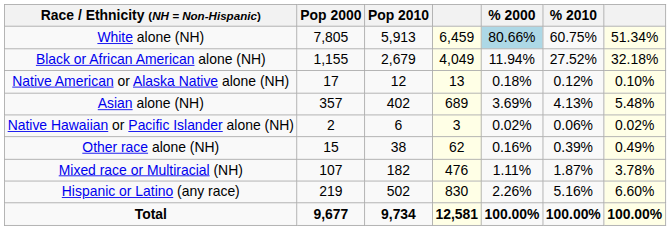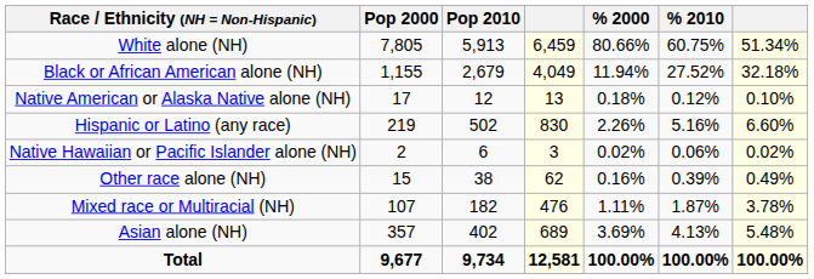 <table class="wikitable" style="text-align:center;">
 <tr>
 <th>Race / Ethnicity <small>(<em>NH = Non-Hispanic</em>)</small></th>
 <th>Pop 2000</th>
 <th>Pop 2010</th>
 <th></th>
 <th>% 2000</th>
 <th>% 2010</th>
 <th></th>
 </tr>
 <tr>
 <td><a href='#'>White</a> alone (NH)</td>
 <td>7,805</td>
 <td>5,913</td>
 <td style='background: #ffffe6;'>6,459</td>
-<td style="background: lightblue;">80.66%</td>
+<td>80.66%</td>
 <td>60.75%</td>
 <td style='background: #ffffe6;'>51.34%</td>
 </tr>
 <tr>
 <td><a href='#'>Black or African American</a> alone (NH)</td>
 <td>1,155</td>
 <td>2,679</td>
 <td style='background: #ffffe6;'>4,049</td>
 <td>11.94%</td>
 <td>27.52%</td>
 <td style='background: #ffffe6;'>32.18%</td>
 </tr>
 <tr>
 <td><a href='#'>Native American</a> or <a href='#'>Alaska Native</a> alone (NH)</td>
 <td>17</td>
 <td>12</td>
 <td style='background: #ffffe6;'>13</td>
 <td>0.18%</td>
 <td>0.12%</td>
 <td style='background: #ffffe6;'>0.10%</td>
 </tr>
 <tr>
-<td><a href='#'>Asian</a> alone (NH)</td>
-<td>357</td>
-<td>402</td>
-<td style='background: #ffffe6;'>689</td>
-<td>3.69%</td>
-<td>4.13%</td>
-<td style='background: #ffffe6;'>5.48%</td>
+<td><a href='#'>Hispanic or Latino</a> (any race)</td>
+<td>219</td>
+<td>502</td>
+<td style='background: #ffffe6;'>830</td>
+<td>2.26%</td>
+<td>5.16%</td>
+<td style='background: #ffffe6;'>6.60%</td>
 </tr>
 <tr>
 <td><a href='#'>Native Hawaiian</a> or <a href='#'>Pacific Islander</a> alone (NH)</td>
 <td>2</td>
 <td>6</td>
 <td style='background: #ffffe6;'>3</td>
 <td>0.02%</td>
 <td>0.06%</td>
 <td style='background: #ffffe6;'>0.02%</td>
 </tr>
 <tr>
 <td><a href='#'>Other race</a> alone (NH)</td>
 <td>15</td>
 <td>38</td>
 <td style='background: #ffffe6;'>62</td>
 <td>0.16%</td>
 <td>0.39%</td>
 <td style='background: #ffffe6;'>0.49%</td>
 </tr>
 <tr>
 <td><a href='#'>Mixed race or Multiracial</a> (NH)</td>
 <td>107</td>
 <td>182</td>
 <td style='background: #ffffe6;'>476</td>
 <td>1.11%</td>
 <td>1.87%</td>
 <td style='background: #ffffe6;'>3.78%</td>
 </tr>
 <tr>
-<td><a href='#'>Hispanic or Latino</a> (any race)</td>
-<td>219</td>
-<td>502</td>
-<td style='background: #ffffe6;'>830</td>
-<td>2.26%</td>
-<td>5.16%</td>
-<td style='background: #ffffe6;'>6.60%</td>
+<td><a href='#'>Asian</a> alone (NH)</td>
+<td>357</td>
+<td>402</td>
+<td style='background: #ffffe6;'>689</td>
+<td>3.69%</td>
+<td>4.13%</td>
+<td style='background: #ffffe6;'>5.48%</td>
 </tr>
 <tr>
 <td><strong>Total</strong></td>
 <td><strong>9,677</strong></td>
 <td><strong>9,734</strong></td>
 <td style='background: #ffffe6;'><strong>12,581</strong></td>
 <td><strong>100.00%</strong></td>
 <td><strong>100.00%</strong></td>
 <td style='background: #ffffe6;'><strong>100.00%</strong></td>
 </tr>
 </table>
